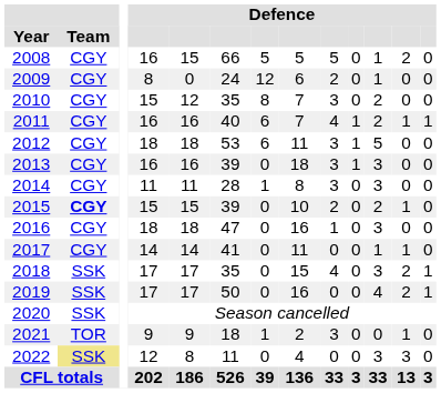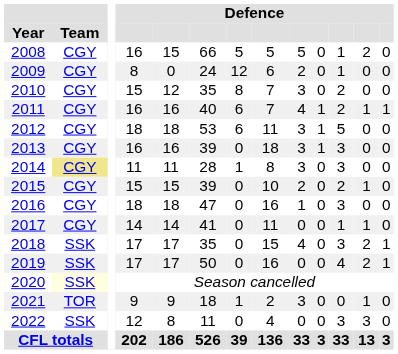 <table BORDER="0" CELLPADDING="1" CELLSPACING="0" width="65%" style="text-align:center">
 <tr bgcolor="#e0e0e0">
 <th colspan="2"></th>
 <th rowspan="100" bgcolor="#ffffff"> </th>
 <th colspan="10">Defence</th>
 </tr>
 <tr bgcolor="#e0e0e0">
 <th>Year</th>
 <th>Team</th>
 <th></th>
 <th></th>
 <th></th>
 <th></th>
 <th></th>
 <th></th>
 <th></th>
 <th></th>
 <th></th>
 <th></th>
 </tr>
 <tr ALIGN="center">
 <td><a href='#'>2008</a></td>
 <td><a href='#'>CGY</a></td>
 <td>16</td>
 <td>15</td>
 <td>66</td>
 <td>5</td>
 <td>5</td>
 <td>5</td>
 <td>0</td>
 <td>1</td>
 <td>2</td>
 <td>0</td>
 </tr>
 <tr ALIGN="center" bgcolor="#f0f0f0">
 <td><a href='#'>2009</a></td>
 <td><a href='#'>CGY</a></td>
 <td>8</td>
 <td>0</td>
 <td>24</td>
 <td>12</td>
 <td>6</td>
 <td>2</td>
 <td>0</td>
 <td>1</td>
 <td>0</td>
 <td>0</td>
 </tr>
 <tr ALIGN="center">
 <td><a href='#'>2010</a></td>
 <td><a href='#'>CGY</a></td>
 <td>15</td>
 <td>12</td>
 <td>35</td>
 <td>8</td>
 <td>7</td>
 <td>3</td>
 <td>0</td>
 <td>2</td>
 <td>0</td>
 <td>0</td>
 </tr>
 <tr ALIGN="center" bgcolor="#f0f0f0">
 <td><a href='#'>2011</a></td>
 <td><a href='#'>CGY</a></td>
 <td>16</td>
 <td>16</td>
 <td>40</td>
 <td>6</td>
 <td>7</td>
 <td>4</td>
 <td>1</td>
 <td>2</td>
 <td>1</td>
 <td>1</td>
 </tr>
 <tr ALIGN="center">
 <td><a href='#'>2012</a></td>
 <td><a href='#'>CGY</a></td>
 <td>18</td>
 <td>18</td>
 <td>53</td>
 <td>6</td>
 <td>11</td>
 <td>3</td>
 <td>1</td>
 <td>5</td>
 <td>0</td>
 <td>0</td>
 </tr>
 <tr ALIGN="center" bgcolor="#f0f0f0">
 <td><a href='#'>2013</a></td>
 <td><a href='#'>CGY</a></td>
 <td>16</td>
 <td>16</td>
 <td>39</td>
 <td>0</td>
 <td>18</td>
 <td>3</td>
 <td>1</td>
 <td>3</td>
 <td>0</td>
 <td>0</td>
 </tr>
 <tr ALIGN="center">
 <td><a href='#'>2014</a></td>
-<td><a href='#'>CGY</a></td>
+<td style="background: khaki;"><a href='#'>CGY</a></td>
 <td>11</td>
 <td>11</td>
 <td>28</td>
 <td>1</td>
 <td>8</td>
 <td>3</td>
 <td>0</td>
 <td>3</td>
 <td>0</td>
 <td>0</td>
 </tr>
 <tr ALIGN="center" bgcolor="#f0f0f0">
 <td><a href='#'>2015</a></td>
-<td><strong><a href='#'>CGY</a></strong></td>
+<td><a href='#'>CGY</a></td>
 <td>15</td>
 <td>15</td>
 <td>39</td>
 <td>0</td>
 <td>10</td>
 <td>2</td>
 <td>0</td>
 <td>2</td>
 <td>1</td>
 <td>0</td>
 </tr>
 <tr ALIGN="center">
 <td><a href='#'>2016</a></td>
 <td><a href='#'>CGY</a></td>
 <td>18</td>
 <td>18</td>
 <td>47</td>
 <td>0</td>
 <td>16</td>
 <td>1</td>
 <td>0</td>
 <td>3</td>
 <td>0</td>
 <td>0</td>
 </tr>
 <tr ALIGN="center" bgcolor="#f0f0f0">
 <td><a href='#'>2017</a></td>
 <td><a href='#'>CGY</a></td>
 <td>14</td>
 <td>14</td>
 <td>41</td>
 <td>0</td>
 <td>11</td>
 <td>0</td>
 <td>0</td>
 <td>1</td>
 <td>1</td>
 <td>0</td>
 </tr>
 <tr ALIGN="center">
 <td><a href='#'>2018</a></td>
 <td><a href='#'>SSK</a></td>
 <td>17</td>
 <td>17</td>
 <td>35</td>
 <td>0</td>
 <td>15</td>
 <td>4</td>
 <td>0</td>
 <td>3</td>
 <td>2</td>
 <td>1</td>
 </tr>
 <tr ALIGN="center" bgcolor="#f0f0f0">
 <td><a href='#'>2019</a></td>
 <td><a href='#'>SSK</a></td>
 <td>17</td>
 <td>17</td>
 <td>50</td>
 <td>0</td>
 <td>16</td>
 <td>0</td>
 <td>0</td>
 <td>4</td>
 <td>2</td>
 <td>1</td>
 </tr>
 <tr ALIGN="center">
 <td><a href='#'>2020</a></td>
-<td><a href='#'>SSK</a></td>
+<td style="background: lightyellow;"><a href='#'>SSK</a></td>
 <td colspan="10"><em>Season cancelled</em></td>
 </tr>
 <tr ALIGN="center" bgcolor="#f0f0f0">
 <td><a href='#'>2021</a></td>
 <td><a href='#'>TOR</a></td>
 <td>9</td>
 <td>9</td>
 <td>18</td>
 <td>1</td>
 <td>2</td>
 <td>3</td>
 <td>0</td>
 <td>0</td>
 <td>1</td>
 <td>0</td>
 </tr>
 <tr ALIGN="center">
 <td><a href='#'>2022</a></td>
-<td style="background: khaki;"><a href='#'>SSK</a></td>
+<td><a href='#'>SSK</a></td>
 <td>12</td>
 <td>8</td>
 <td>11</td>
 <td>0</td>
 <td>4</td>
 <td>0</td>
 <td>0</td>
 <td>3</td>
 <td>3</td>
 <td>0</td>
 </tr>
 <tr>
 </tr>
 <tr bgcolor="#e0e0e0">
 <th colspan="2"><a href='#'>CFL totals</a></th>
 <th>202</th>
 <th>186</th>
 <th>526</th>
 <th>39</th>
 <th>136</th>
 <th>33</th>
 <th>3</th>
 <th>33</th>
 <th>13</th>
 <th>3</th>
 </tr>
 </table>
